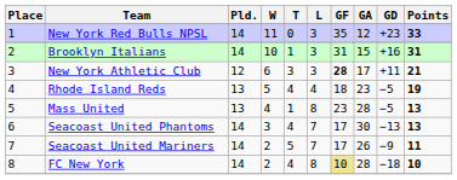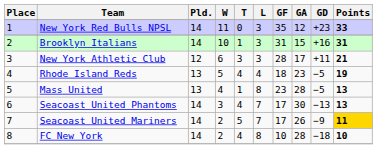 <table class="wikitable">
 <tr>
 <th>Place</th>
 <th width="200">Team</th>
 <th width="20">Pld.</th>
 <th width="20">W</th>
 <th width="20">T</th>
 <th width="20">L</th>
 <th width="20">GF</th>
 <th width="20">GA</th>
 <th width="25">GD</th>
 <th>Points</th>
 </tr>
 <tr>
 </tr>
 <tr bgcolor=#CCCCFF>
 <td>1</td>
 <td><a href='#'>New York Red Bulls NPSL</a></td>
 <td>14</td>
 <td>11</td>
 <td>0</td>
 <td>3</td>
 <td>35</td>
 <td>12</td>
 <td>+23</td>
 <td><strong>33</strong></td>
 </tr>
 <tr>
 </tr>
 <tr bgcolor=#CCFFCC>
 <td>2</td>
 <td><a href='#'>Brooklyn Italians</a></td>
 <td>14</td>
 <td>10</td>
 <td>1</td>
 <td>3</td>
 <td>31</td>
 <td>15</td>
 <td>+16</td>
 <td><strong>31</strong></td>
 </tr>
 <tr>
 <td>3</td>
 <td><a href='#'>New York Athletic Club</a></td>
 <td>12</td>
 <td>6</td>
 <td>3</td>
 <td>3</td>
-<td><strong>28</strong></td>
+<td>28</td>
 <td>17</td>
 <td>+11</td>
 <td><strong>21</strong></td>
 </tr>
 <tr>
 <td>4</td>
 <td><a href='#'>Rhode Island Reds</a></td>
 <td>13</td>
 <td>5</td>
 <td>4</td>
 <td>4</td>
 <td>18</td>
 <td>23</td>
 <td>−5</td>
 <td><strong>19</strong></td>
 </tr>
 <tr>
 <td>5</td>
 <td><a href='#'>Mass United</a></td>
 <td>13</td>
 <td>4</td>
 <td>1</td>
 <td>8</td>
 <td>23</td>
 <td>28</td>
 <td>−5</td>
 <td><strong>13</strong></td>
 </tr>
 <tr>
 <td>6</td>
 <td><a href='#'>Seacoast United Phantoms</a></td>
 <td>14</td>
 <td>3</td>
 <td>4</td>
 <td>7</td>
 <td>17</td>
 <td>30</td>
 <td>−13</td>
 <td><strong>13</strong></td>
 </tr>
 <tr>
 <td>7</td>
 <td><a href='#'>Seacoast United Mariners</a></td>
 <td>14</td>
 <td>2</td>
 <td>5</td>
 <td>7</td>
 <td>17</td>
 <td>26</td>
 <td>−9</td>
-<td><strong>11</strong></td>
+<td style="background: gold;"><strong>11</strong></td>
 </tr>
 <tr>
 <td>8</td>
 <td><a href='#'>FC New York</a></td>
 <td>14</td>
 <td>2</td>
 <td>4</td>
 <td>8</td>
-<td style="background: khaki;">10</td>
+<td>10</td>
 <td>28</td>
 <td>−18</td>
 <td><strong>10</strong></td>
 </tr>
 <tr>
 </tr>
 </table>
